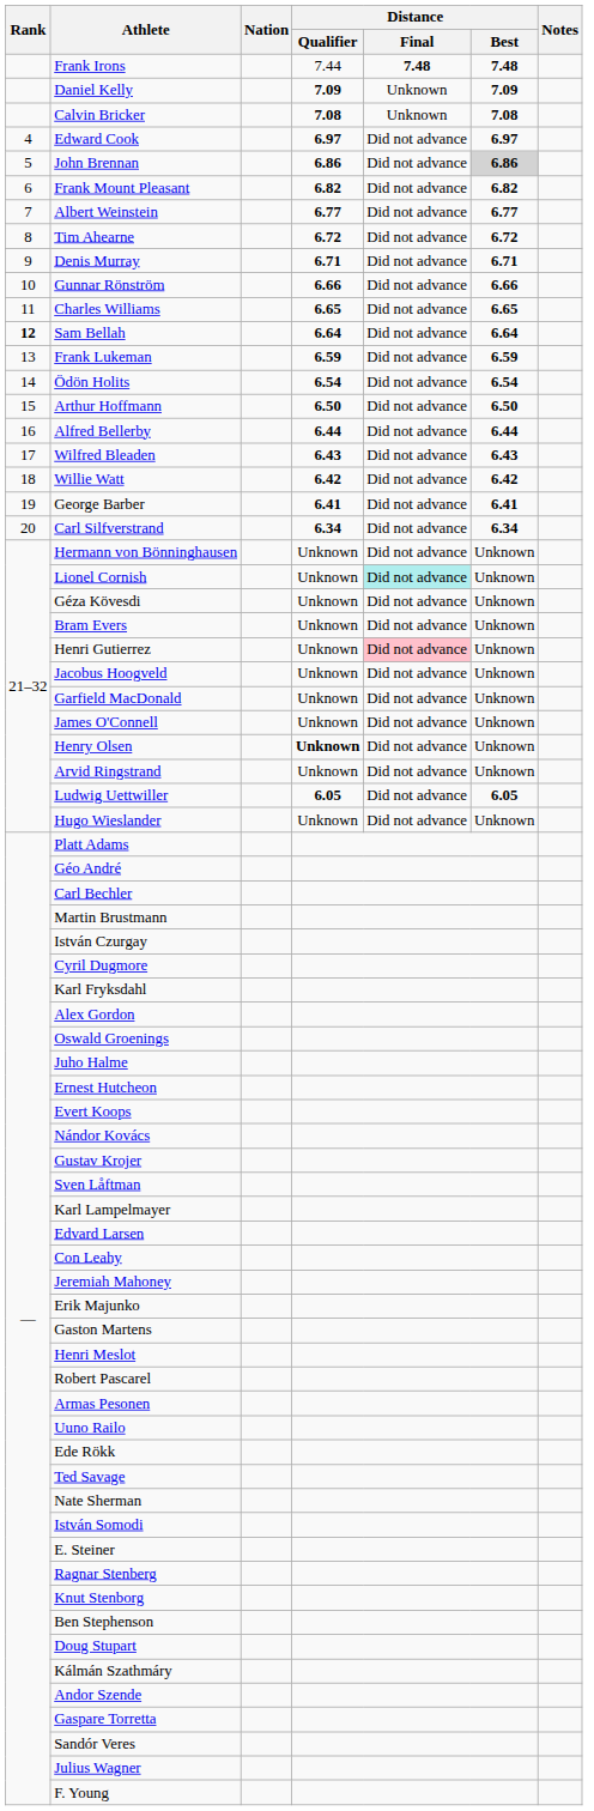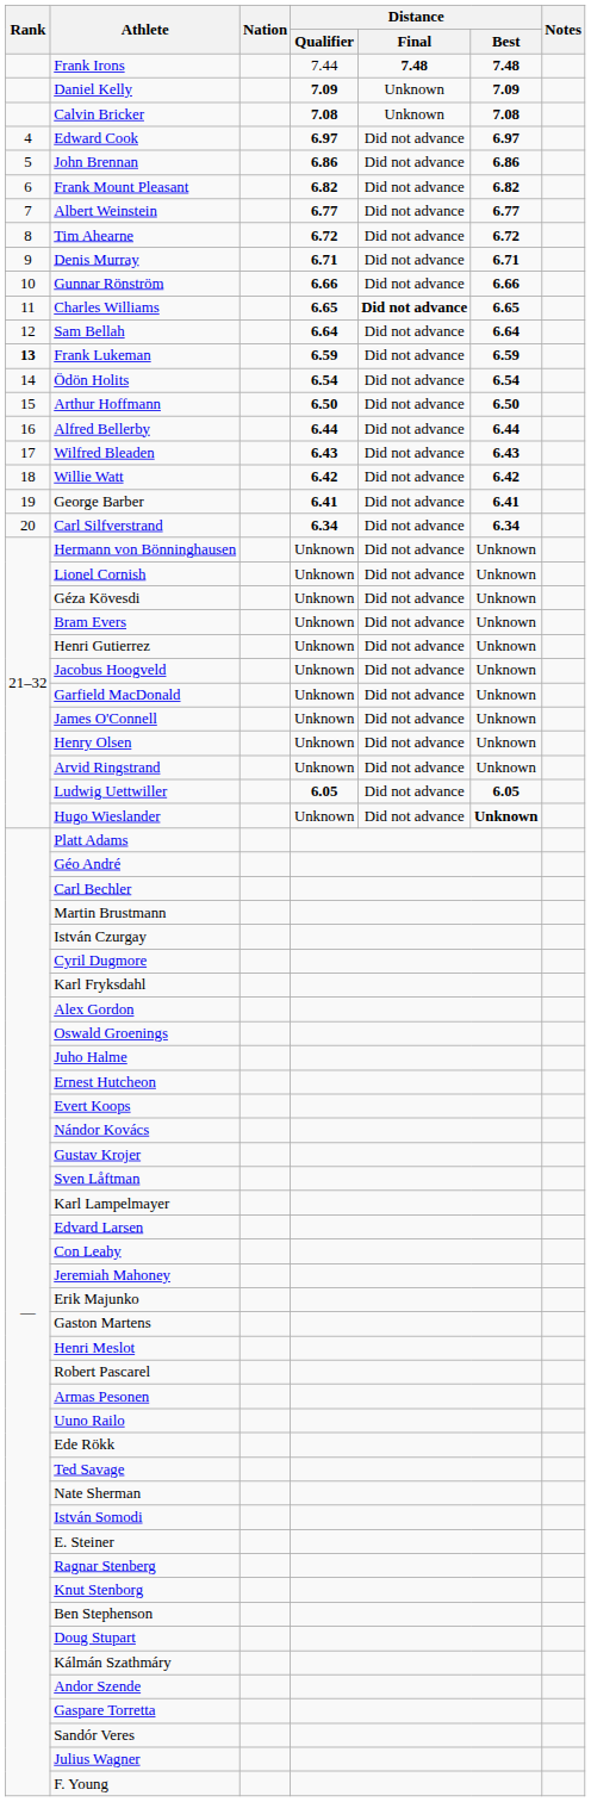 <table class="wikitable sortable" style="text-align:center">
 <tr>
 <th rowspan=2>Rank</th>
 <th rowspan=2>Athlete</th>
 <th rowspan=2>Nation</th>
 <th colspan=3>Distance</th>
 <th rowspan=2>Notes</th>
 </tr>
 <tr>
 <th>Qualifier</th>
 <th>Final</th>
 <th>Best</th>
 </tr>
 <tr>
 <td></td>
 <td align=left><a href='#'>Frank Irons</a></td>
 <td align=left></td>
 <td>7.44</td>
 <td><strong>7.48</strong></td>
 <td><strong>7.48</strong></td>
 <td></td>
 </tr>
 <tr>
 <td></td>
 <td align=left><a href='#'>Daniel Kelly</a></td>
 <td align=left></td>
 <td><strong>7.09</strong></td>
 <td data-sort-value=7.09>Unknown</td>
 <td><strong>7.09</strong></td>
 <td></td>
 </tr>
 <tr>
 <td></td>
 <td align=left><a href='#'>Calvin Bricker</a></td>
 <td align=left></td>
 <td><strong>7.08</strong></td>
 <td data-sort-value=7.08>Unknown</td>
 <td><strong>7.08</strong></td>
 <td></td>
 </tr>
 <tr>
 <td>4</td>
 <td align=left><a href='#'>Edward Cook</a></td>
 <td align=left></td>
 <td><strong>6.97</strong></td>
 <td data-sort-value=1.00>Did not advance</td>
 <td><strong>6.97</strong></td>
 <td></td>
 </tr>
 <tr>
 <td>5</td>
 <td align=left><a href='#'>John Brennan</a></td>
 <td align=left></td>
 <td><strong>6.86</strong></td>
 <td data-sort-value=1.00>Did not advance</td>
-<td style="background: lightgrey;"><strong>6.86</strong></td>
+<td><strong>6.86</strong></td>
 <td></td>
 </tr>
 <tr>
 <td>6</td>
 <td align=left><a href='#'>Frank Mount Pleasant</a></td>
 <td align=left></td>
 <td><strong>6.82</strong></td>
 <td data-sort-value=1.00>Did not advance</td>
 <td><strong>6.82</strong></td>
 <td></td>
 </tr>
 <tr>
 <td>7</td>
 <td align=left><a href='#'>Albert Weinstein</a></td>
 <td align=left></td>
 <td><strong>6.77</strong></td>
 <td data-sort-value=1.00>Did not advance</td>
 <td><strong>6.77</strong></td>
 <td></td>
 </tr>
 <tr>
 <td>8</td>
 <td align=left><a href='#'>Tim Ahearne</a></td>
 <td align=left></td>
 <td><strong>6.72</strong></td>
 <td data-sort-value=1.00>Did not advance</td>
 <td><strong>6.72</strong></td>
 <td></td>
 </tr>
 <tr>
 <td>9</td>
 <td align=left><a href='#'>Denis Murray</a></td>
 <td align=left></td>
 <td><strong>6.71</strong></td>
 <td data-sort-value=1.00>Did not advance</td>
 <td><strong>6.71</strong></td>
 <td></td>
 </tr>
 <tr>
 <td>10</td>
 <td align=left><a href='#'>Gunnar Rönström</a></td>
 <td align=left></td>
 <td><strong>6.66</strong></td>
 <td data-sort-value=1.00>Did not advance</td>
 <td><strong>6.66</strong></td>
 <td></td>
 </tr>
 <tr>
 <td>11</td>
 <td align=left><a href='#'>Charles Williams</a></td>
 <td align=left></td>
 <td><strong>6.65</strong></td>
-<td data-sort-value=1.00>Did not advance</td>
+<td data-sort-value=1.00><strong>Did not advance</strong></td>
 <td><strong>6.65</strong></td>
 <td></td>
 </tr>
 <tr>
-<td><strong>12</strong></td>
+<td>12</td>
 <td align=left><a href='#'>Sam Bellah</a></td>
 <td align=left></td>
 <td><strong>6.64</strong></td>
 <td data-sort-value=1.00>Did not advance</td>
 <td><strong>6.64</strong></td>
 <td></td>
 </tr>
 <tr>
-<td>13</td>
+<td><strong>13</strong></td>
 <td align=left><a href='#'>Frank Lukeman</a></td>
 <td align=left></td>
 <td><strong>6.59</strong></td>
 <td data-sort-value=1.00>Did not advance</td>
 <td><strong>6.59</strong></td>
 <td></td>
 </tr>
 <tr>
 <td>14</td>
 <td align=left><a href='#'>Ödön Holits</a></td>
 <td align=left></td>
 <td><strong>6.54</strong></td>
 <td data-sort-value=1.00>Did not advance</td>
 <td><strong>6.54</strong></td>
 <td></td>
 </tr>
 <tr>
 <td>15</td>
 <td align=left><a href='#'>Arthur Hoffmann</a></td>
 <td align=left></td>
 <td><strong>6.50</strong></td>
 <td data-sort-value=1.00>Did not advance</td>
 <td><strong>6.50</strong></td>
 <td></td>
 </tr>
 <tr>
 <td>16</td>
 <td align=left><a href='#'>Alfred Bellerby</a></td>
 <td align=left></td>
 <td><strong>6.44</strong></td>
 <td data-sort-value=1.00>Did not advance</td>
 <td><strong>6.44</strong></td>
 <td></td>
 </tr>
 <tr>
 <td>17</td>
 <td align=left><a href='#'>Wilfred Bleaden</a></td>
 <td align=left></td>
 <td><strong>6.43</strong></td>
 <td data-sort-value=1.00>Did not advance</td>
 <td><strong>6.43</strong></td>
 <td></td>
 </tr>
 <tr>
 <td>18</td>
 <td align=left><a href='#'>Willie Watt</a></td>
 <td align=left></td>
 <td><strong>6.42</strong></td>
 <td data-sort-value=1.00>Did not advance</td>
 <td><strong>6.42</strong></td>
 <td></td>
 </tr>
 <tr>
 <td>19</td>
 <td align=left>George Barber</td>
 <td align=left></td>
 <td><strong>6.41</strong></td>
 <td data-sort-value=1.00>Did not advance</td>
 <td><strong>6.41</strong></td>
 <td></td>
 </tr>
 <tr>
 <td>20</td>
 <td align=left><a href='#'>Carl Silfverstrand</a></td>
 <td align=left></td>
 <td><strong>6.34</strong></td>
 <td data-sort-value=1.00>Did not advance</td>
 <td><strong>6.34</strong></td>
 <td></td>
 </tr>
 <tr>
 <td align=center rowspan=12>21–32</td>
 <td align=left><a href='#'>Hermann von Bönninghausen</a></td>
 <td align=left></td>
 <td>Unknown</td>
 <td data-sort-value=1.00>Did not advance</td>
 <td>Unknown</td>
 <td></td>
 </tr>
 <tr>
 <td align=left><a href='#'>Lionel Cornish</a></td>
 <td align=left></td>
 <td data-sort-value=6.00>Unknown</td>
-<td data-sort-value=1.00 style="background: paleturquoise;">Did not advance</td>
+<td data-sort-value=1.00>Did not advance</td>
 <td data-sort-value=6.00>Unknown</td>
 <td></td>
 </tr>
 <tr>
 <td align=left>Géza Kövesdi</td>
 <td align=left></td>
 <td data-sort-value=6.00>Unknown</td>
 <td data-sort-value=1.00>Did not advance</td>
 <td data-sort-value=6.00>Unknown</td>
 <td></td>
 </tr>
 <tr>
 <td align=left><a href='#'>Bram Evers</a></td>
 <td align=left></td>
 <td data-sort-value=6.00>Unknown</td>
 <td data-sort-value=1.00>Did not advance</td>
 <td data-sort-value=6.00>Unknown</td>
 <td></td>
 </tr>
 <tr>
 <td align=left>Henri Gutierrez</td>
 <td align=left></td>
 <td data-sort-value=6.00>Unknown</td>
-<td data-sort-value=1.00 style="background: pink;">Did not advance</td>
+<td data-sort-value=1.00>Did not advance</td>
 <td data-sort-value=6.00>Unknown</td>
 <td></td>
 </tr>
 <tr>
 <td align=left><a href='#'>Jacobus Hoogveld</a></td>
 <td align=left></td>
 <td data-sort-value=6.00>Unknown</td>
 <td data-sort-value=1.00>Did not advance</td>
 <td data-sort-value=6.00>Unknown</td>
 <td></td>
 </tr>
 <tr>
 <td align=left><a href='#'>Garfield MacDonald</a></td>
 <td align=left></td>
 <td data-sort-value=6.00>Unknown</td>
 <td data-sort-value=1.00>Did not advance</td>
 <td data-sort-value=6.00>Unknown</td>
 <td></td>
 </tr>
 <tr>
 <td align=left><a href='#'>James O'Connell</a></td>
 <td align=left></td>
 <td data-sort-value=6.00>Unknown</td>
 <td data-sort-value=1.00>Did not advance</td>
 <td data-sort-value=6.00>Unknown</td>
 <td></td>
 </tr>
 <tr>
 <td align=left><a href='#'>Henry Olsen</a></td>
 <td align=left></td>
-<td data-sort-value=6.00><strong>Unknown</strong></td>
+<td data-sort-value=6.00>Unknown</td>
 <td data-sort-value=1.00>Did not advance</td>
 <td data-sort-value=6.00>Unknown</td>
 <td></td>
 </tr>
 <tr>
 <td align=left><a href='#'>Arvid Ringstrand</a></td>
 <td align=left></td>
 <td data-sort-value=6.00>Unknown</td>
 <td data-sort-value=1.00>Did not advance</td>
 <td data-sort-value=6.00>Unknown</td>
 <td></td>
 </tr>
 <tr>
 <td align=left><a href='#'>Ludwig Uettwiller</a></td>
 <td align=left></td>
 <td><strong>6.05</strong></td>
 <td data-sort-value=1.00>Did not advance</td>
 <td><strong>6.05</strong></td>
 <td></td>
 </tr>
 <tr>
 <td align=left><a href='#'>Hugo Wieslander</a></td>
 <td align=left></td>
 <td data-sort-value=6.00>Unknown</td>
 <td data-sort-value=1.00>Did not advance</td>
-<td data-sort-value=6.00>Unknown</td>
+<td data-sort-value=6.00><strong>Unknown</strong></td>
 <td></td>
 </tr>
 <tr>
 <td rowspan=40 data-sort-value=33>—</td>
 <td align=left><a href='#'>Platt Adams</a></td>
 <td align=left></td>
 <td colspan=3 data-sort-value=0.00></td>
 <td></td>
 </tr>
 <tr>
 <td align=left><a href='#'>Géo André</a></td>
 <td align=left></td>
 <td colspan=3 data-sort-value=0.00></td>
 <td></td>
 </tr>
 <tr>
 <td align=left><a href='#'>Carl Bechler</a></td>
 <td align=left></td>
 <td colspan=3 data-sort-value=0.00></td>
 <td></td>
 </tr>
 <tr>
 <td align=left>Martin Brustmann</td>
 <td align=left></td>
 <td colspan=3 data-sort-value=0.00></td>
 <td></td>
 </tr>
 <tr>
 <td align=left>István Czurgay</td>
 <td align=left></td>
 <td colspan=3 data-sort-value=0.00></td>
 <td></td>
 </tr>
 <tr>
 <td align=left><a href='#'>Cyril Dugmore</a></td>
 <td align=left></td>
 <td colspan=3 data-sort-value=0.00></td>
 <td></td>
 </tr>
 <tr>
 <td align=left>Karl Fryksdahl</td>
 <td align=left></td>
 <td colspan=3 data-sort-value=0.00></td>
 <td></td>
 </tr>
 <tr>
 <td align=left><a href='#'>Alex Gordon</a></td>
 <td align=left></td>
 <td colspan=3 data-sort-value=0.00></td>
 <td></td>
 </tr>
 <tr>
 <td align=left><a href='#'>Oswald Groenings</a></td>
 <td align=left></td>
 <td colspan=3 data-sort-value=0.00></td>
 <td></td>
 </tr>
 <tr>
 <td align=left><a href='#'>Juho Halme</a></td>
 <td align=left></td>
 <td colspan=3 data-sort-value=0.00></td>
 <td></td>
 </tr>
 <tr>
 <td align=left><a href='#'>Ernest Hutcheon</a></td>
 <td align=left></td>
 <td colspan=3 data-sort-value=0.00></td>
 <td></td>
 </tr>
 <tr>
 <td align=left><a href='#'>Evert Koops</a></td>
 <td align=left></td>
 <td colspan=3 data-sort-value=0.00></td>
 <td></td>
 </tr>
 <tr>
 <td align=left><a href='#'>Nándor Kovács</a></td>
 <td align=left></td>
 <td colspan=3 data-sort-value=0.00></td>
 <td></td>
 </tr>
 <tr>
 <td align=left><a href='#'>Gustav Krojer</a></td>
 <td align=left></td>
 <td colspan=3 data-sort-value=0.00></td>
 <td></td>
 </tr>
 <tr>
 <td align=left><a href='#'>Sven Låftman</a></td>
 <td align=left></td>
 <td colspan=3 data-sort-value=0.00></td>
 <td></td>
 </tr>
 <tr>
 <td align=left>Karl Lampelmayer</td>
 <td align=left></td>
 <td colspan=3 data-sort-value=0.00></td>
 <td></td>
 </tr>
 <tr>
 <td align=left><a href='#'>Edvard Larsen</a></td>
 <td align=left></td>
 <td colspan=3 data-sort-value=0.00></td>
 <td></td>
 </tr>
 <tr>
 <td align=left><a href='#'>Con Leahy</a></td>
 <td align=left></td>
 <td colspan=3 data-sort-value=0.00></td>
 <td></td>
 </tr>
 <tr>
 <td align=left><a href='#'>Jeremiah Mahoney</a></td>
 <td align=left></td>
 <td colspan=3 data-sort-value=0.00></td>
 <td></td>
 </tr>
 <tr>
 <td align=left>Erik Majunko</td>
 <td align=left></td>
 <td colspan=3 data-sort-value=0.00></td>
 <td></td>
 </tr>
 <tr>
 <td align=left>Gaston Martens</td>
 <td align=left></td>
 <td colspan=3 data-sort-value=0.00></td>
 <td></td>
 </tr>
 <tr>
 <td align=left><a href='#'>Henri Meslot</a></td>
 <td align=left></td>
 <td colspan=3 data-sort-value=0.00></td>
 <td></td>
 </tr>
 <tr>
 <td align=left>Robert Pascarel</td>
 <td align=left></td>
 <td colspan=3 data-sort-value=0.00></td>
 <td></td>
 </tr>
 <tr>
 <td align=left><a href='#'>Armas Pesonen</a></td>
 <td align=left></td>
 <td colspan=3 data-sort-value=0.00></td>
 <td></td>
 </tr>
 <tr>
 <td align=left><a href='#'>Uuno Railo</a></td>
 <td align=left></td>
 <td colspan=3 data-sort-value=0.00></td>
 <td></td>
 </tr>
 <tr>
 <td align=left>Ede Rökk</td>
 <td align=left></td>
 <td colspan=3 data-sort-value=0.00></td>
 <td></td>
 </tr>
 <tr>
 <td align=left><a href='#'>Ted Savage</a></td>
 <td align=left></td>
 <td colspan=3 data-sort-value=0.00></td>
 <td></td>
 </tr>
 <tr>
 <td align=left>Nate Sherman</td>
 <td align=left></td>
 <td colspan=3 data-sort-value=0.00></td>
 <td></td>
 </tr>
 <tr>
 <td align=left><a href='#'>István Somodi</a></td>
 <td align=left></td>
 <td colspan=3 data-sort-value=0.00></td>
 <td></td>
 </tr>
 <tr>
 <td align=left>E. Steiner</td>
 <td align=left></td>
 <td colspan=3 data-sort-value=0.00></td>
 <td></td>
 </tr>
 <tr>
 <td align=left><a href='#'>Ragnar Stenberg</a></td>
 <td align=left></td>
 <td colspan=3 data-sort-value=0.00></td>
 <td></td>
 </tr>
 <tr>
 <td align=left><a href='#'>Knut Stenborg</a></td>
 <td align=left></td>
 <td colspan=3 data-sort-value=0.00></td>
 <td></td>
 </tr>
 <tr>
 <td align=left>Ben Stephenson</td>
 <td align=left></td>
 <td colspan=3 data-sort-value=0.00></td>
 <td></td>
 </tr>
 <tr>
 <td align=left><a href='#'>Doug Stupart</a></td>
 <td align=left></td>
 <td colspan=3 data-sort-value=0.00></td>
 <td></td>
 </tr>
 <tr>
 <td align=left>Kálmán Szathmáry</td>
 <td align=left></td>
 <td colspan=3 data-sort-value=0.00></td>
 <td></td>
 </tr>
 <tr>
 <td align=left><a href='#'>Andor Szende</a></td>
 <td align=left></td>
 <td colspan=3 data-sort-value=0.00></td>
 <td></td>
 </tr>
 <tr>
 <td align=left><a href='#'>Gaspare Torretta</a></td>
 <td align=left></td>
 <td colspan=3 data-sort-value=0.00></td>
 <td></td>
 </tr>
 <tr>
 <td align=left>Sandór Veres</td>
 <td align=left></td>
 <td colspan=3 data-sort-value=0.00></td>
 <td></td>
 </tr>
 <tr>
 <td align=left><a href='#'>Julius Wagner</a></td>
 <td align=left></td>
 <td colspan=3 data-sort-value=0.00></td>
 <td></td>
 </tr>
 <tr>
 <td align=left>F. Young</td>
 <td align=left></td>
 <td colspan=3 data-sort-value=0.00></td>
 <td></td>
 </tr>
 </table>
